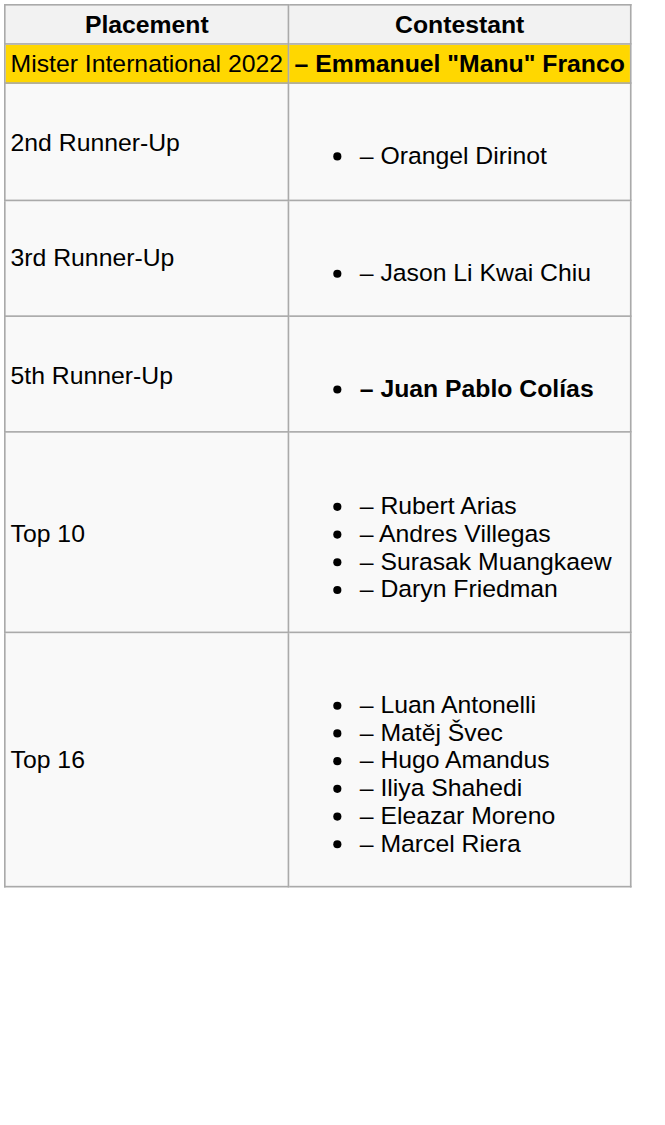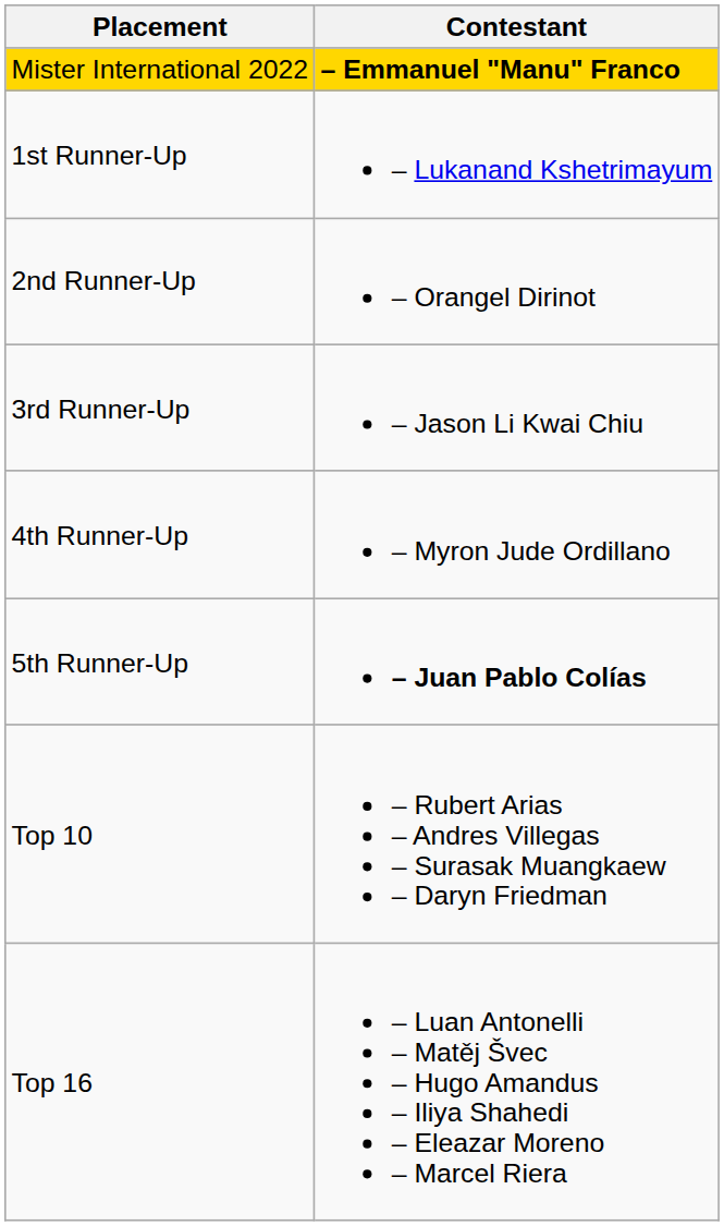 <table class="wikitable sortable" style="font-size: 95%;">
 <tr>
 <th>Placement</th>
 <th>Contestant</th>
 </tr>
 <tr>
 <td style="background:gold">Mister International 2022</td>
 <td style="background:gold"><strong> – Emmanuel "Manu" Franco</strong></td>
 </tr>
 <tr>
+<td>1st Runner-Up</td>
+<td><br><ul><li> – <a href='#'>Lukanand Kshetrimayum</a></li></ul></td>
+</tr>
+<tr>
 <td>2nd Runner-Up</td>
 <td><br><ul><li> – Orangel Dirinot</li></ul></td>
 </tr>
 <tr>
 <td>3rd Runner-Up</td>
 <td><br><ul><li> – Jason Li Kwai Chiu</li></ul></td>
+</tr>
+<tr>
+<td>4th Runner-Up</td>
+<td><br><ul><li> – Myron Jude Ordillano</li></ul></td>
 </tr>
 <tr>
 <td>5th Runner-Up</td>
 <td><strong><br><ul><li> – Juan Pablo Colías</li></ul></strong></td>
 </tr>
 <tr>
 <td>Top 10</td>
 <td><br><ul><li> – Rubert Arias</li><li> – Andres Villegas</li><li> – Surasak Muangkaew</li><li> – Daryn Friedman</li></ul></td>
 </tr>
 <tr>
 <td>Top 16</td>
 <td><br><ul><li> – Luan Antonelli</li><li> – Matěj Švec</li><li> – Hugo Amandus</li><li> – Iliya Shahedi</li><li> – Eleazar Moreno</li><li> – Marcel Riera</li></ul></td>
 </tr>
 </table>
